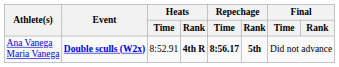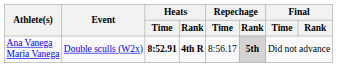 <table class="wikitable" border="1" style="font-size:90%">
 <tr>
 <th rowspan=2>Athlete(s)</th>
 <th rowspan=2>Event</th>
 <th colspan=2>Heats</th>
 <th colspan=2>Repechage</th>
 <th colspan=2>Final</th>
 </tr>
 <tr>
 <th>Time</th>
 <th>Rank</th>
 <th>Time</th>
 <th>Rank</th>
 <th>Time</th>
 <th>Rank</th>
 </tr>
 <tr>
 <td><a href='#'>Ana Vanega</a><br><a href='#'>Maria Vanega</a></td>
-<td><strong><a href='#'>Double sculls (W2x)</a></strong></td>
-<td align=center>8:52.91</td>
+<td><a href='#'>Double sculls (W2x)</a></td>
+<td align=center><strong>8:52.91</strong></td>
 <td align=center><strong>4th R</strong></td>
-<td align=center><strong>8:56.17</strong></td>
-<td align=center><strong>5th</strong></td>
+<td align=center>8:56.17</td>
+<td align=center style="background: lightgrey;"><strong>5th</strong></td>
 <td align="center" colspan="7">Did not advance</td>
 </tr>
 </table>
